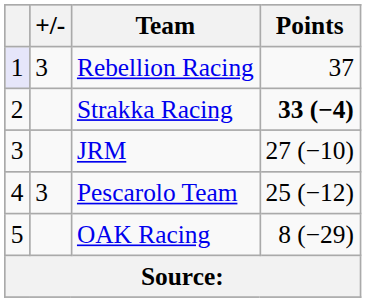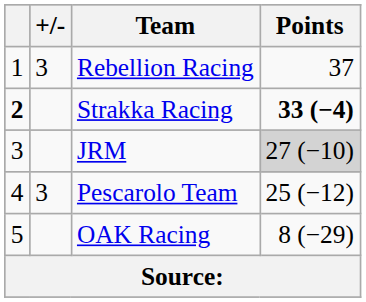 <table class="wikitable" style="font-size: 95%;">
 <tr>
 <th scope="col"></th>
 <th scope="col">+/-</th>
 <th scope="col">Team</th>
 <th scope="col">Points</th>
 </tr>
 <tr>
-<td align=center style="background: lavender;">1</td>
+<td align=center>1</td>
 <td align="left"> 3</td>
 <td> <a href='#'>Rebellion Racing</a></td>
 <td align=right>37</td>
 </tr>
 <tr>
-<td align=center>2</td>
+<td align=center><strong>2</strong></td>
 <td align="left"></td>
 <td> <a href='#'>Strakka Racing</a></td>
 <td align=right><strong>33 (−4)</strong></td>
 </tr>
 <tr>
 <td align=center>3</td>
 <td align="left"></td>
 <td> <a href='#'>JRM</a></td>
-<td align=right>27 (−10)</td>
+<td align=right style="background: lightgrey;">27 (−10)</td>
 </tr>
 <tr>
 <td align=center>4</td>
 <td align="left"> 3</td>
 <td> <a href='#'>Pescarolo Team</a></td>
 <td align=right>25 (−12)</td>
 </tr>
 <tr>
 <td align=center>5</td>
 <td align="left"></td>
 <td> <a href='#'>OAK Racing</a></td>
 <td align=right>8 (−29)</td>
 </tr>
 <tr>
 <th colspan=4>Source:</th>
 </tr>
 </table>
